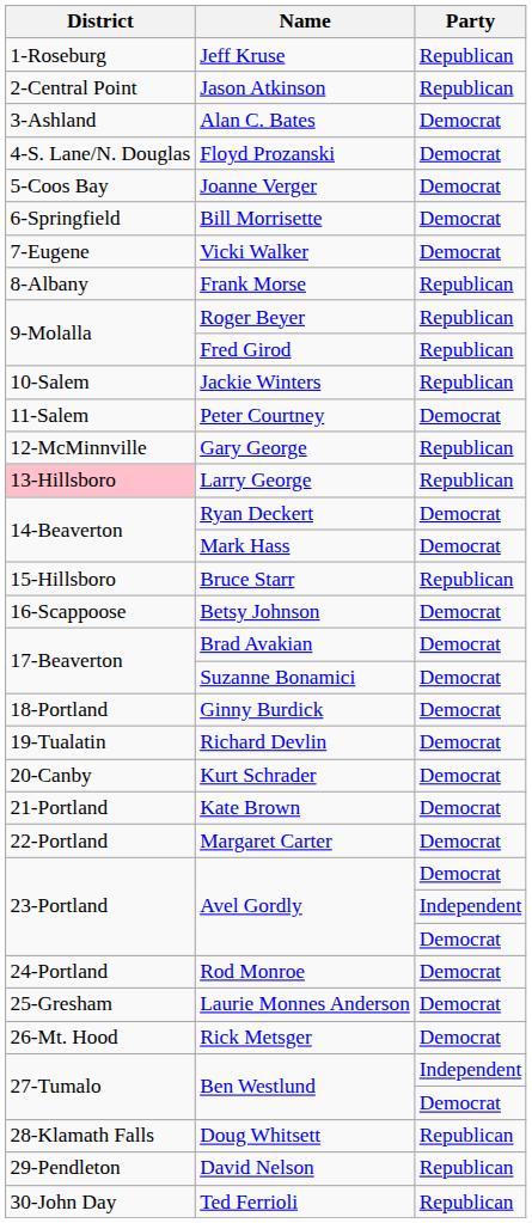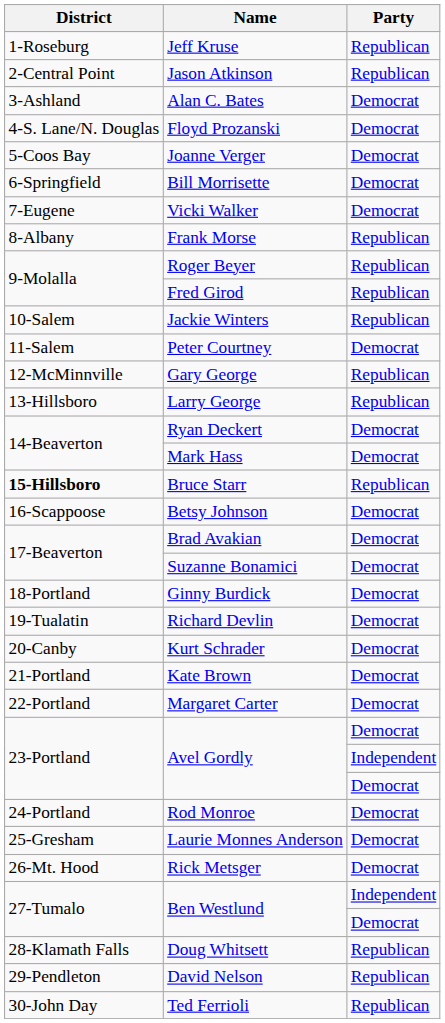 <table class="wikitable">
 <tr>
 <th>District</th>
 <th>Name</th>
 <th>Party</th>
 </tr>
 <tr>
 <td>1-Roseburg</td>
 <td><a href='#'>Jeff Kruse</a></td>
 <td><a href='#'>Republican</a></td>
 </tr>
 <tr>
 <td>2-Central Point</td>
 <td><a href='#'>Jason Atkinson</a></td>
 <td><a href='#'>Republican</a></td>
 </tr>
 <tr>
 <td>3-Ashland</td>
 <td><a href='#'>Alan C. Bates</a></td>
 <td><a href='#'>Democrat</a></td>
 </tr>
 <tr>
 <td>4-S. Lane/N. Douglas</td>
 <td><a href='#'>Floyd Prozanski</a></td>
 <td><a href='#'>Democrat</a></td>
 </tr>
 <tr>
 <td>5-Coos Bay</td>
 <td><a href='#'>Joanne Verger</a></td>
 <td><a href='#'>Democrat</a></td>
 </tr>
 <tr>
 <td>6-Springfield</td>
 <td><a href='#'>Bill Morrisette</a></td>
 <td><a href='#'>Democrat</a></td>
 </tr>
 <tr>
 <td>7-Eugene</td>
 <td><a href='#'>Vicki Walker</a></td>
 <td><a href='#'>Democrat</a></td>
 </tr>
 <tr>
 <td>8-Albany</td>
 <td><a href='#'>Frank Morse</a></td>
 <td><a href='#'>Republican</a></td>
 </tr>
 <tr>
 <td rowspan=2>9-Molalla</td>
 <td><a href='#'>Roger Beyer</a></td>
 <td><a href='#'>Republican</a></td>
 </tr>
 <tr>
 <td><a href='#'>Fred Girod</a></td>
 <td><a href='#'>Republican</a></td>
 </tr>
 <tr>
 <td>10-Salem</td>
 <td><a href='#'>Jackie Winters</a></td>
 <td><a href='#'>Republican</a></td>
 </tr>
 <tr>
 <td>11-Salem</td>
 <td><a href='#'>Peter Courtney</a></td>
 <td><a href='#'>Democrat</a></td>
 </tr>
 <tr>
 <td>12-McMinnville</td>
 <td><a href='#'>Gary George</a></td>
 <td><a href='#'>Republican</a></td>
 </tr>
 <tr>
-<td style="background: pink;">13-Hillsboro</td>
+<td>13-Hillsboro</td>
 <td><a href='#'>Larry George</a></td>
 <td><a href='#'>Republican</a></td>
 </tr>
 <tr>
 <td rowspan=2>14-Beaverton</td>
 <td><a href='#'>Ryan Deckert</a></td>
 <td><a href='#'>Democrat</a></td>
 </tr>
 <tr>
 <td><a href='#'>Mark Hass</a></td>
 <td><a href='#'>Democrat</a></td>
 </tr>
 <tr>
-<td>15-Hillsboro</td>
+<td><strong>15-Hillsboro</strong></td>
 <td><a href='#'>Bruce Starr</a></td>
 <td><a href='#'>Republican</a></td>
 </tr>
 <tr>
 <td>16-Scappoose</td>
 <td><a href='#'>Betsy Johnson</a></td>
 <td><a href='#'>Democrat</a></td>
 </tr>
 <tr>
 <td rowspan=2>17-Beaverton</td>
 <td><a href='#'>Brad Avakian</a></td>
 <td><a href='#'>Democrat</a></td>
 </tr>
 <tr>
 <td><a href='#'>Suzanne Bonamici</a></td>
 <td><a href='#'>Democrat</a></td>
 </tr>
 <tr>
 <td>18-Portland</td>
 <td><a href='#'>Ginny Burdick</a></td>
 <td><a href='#'>Democrat</a></td>
 </tr>
 <tr>
 <td>19-Tualatin</td>
 <td><a href='#'>Richard Devlin</a></td>
 <td><a href='#'>Democrat</a></td>
 </tr>
 <tr>
 <td>20-Canby</td>
 <td><a href='#'>Kurt Schrader</a></td>
 <td><a href='#'>Democrat</a></td>
 </tr>
 <tr>
 <td>21-Portland</td>
 <td><a href='#'>Kate Brown</a></td>
 <td><a href='#'>Democrat</a></td>
 </tr>
 <tr>
 <td>22-Portland</td>
 <td><a href='#'>Margaret Carter</a></td>
 <td><a href='#'>Democrat</a></td>
 </tr>
 <tr>
 <td rowspan=3>23-Portland</td>
 <td rowspan=3><a href='#'>Avel Gordly</a></td>
 <td><a href='#'>Democrat</a></td>
 </tr>
 <tr>
 <td><a href='#'>Independent</a></td>
 </tr>
 <tr>
 <td><a href='#'>Democrat</a></td>
 </tr>
 <tr>
 <td>24-Portland</td>
 <td><a href='#'>Rod Monroe</a></td>
 <td><a href='#'>Democrat</a></td>
 </tr>
 <tr>
 <td>25-Gresham</td>
 <td><a href='#'>Laurie Monnes Anderson</a></td>
 <td><a href='#'>Democrat</a></td>
 </tr>
 <tr>
 <td>26-Mt. Hood</td>
 <td><a href='#'>Rick Metsger</a></td>
 <td><a href='#'>Democrat</a></td>
 </tr>
 <tr>
 <td rowspan=2>27-Tumalo</td>
 <td rowspan=2><a href='#'>Ben Westlund</a></td>
 <td><a href='#'>Independent</a></td>
 </tr>
 <tr>
 <td><a href='#'>Democrat</a></td>
 </tr>
 <tr>
 <td>28-Klamath Falls</td>
 <td><a href='#'>Doug Whitsett</a></td>
 <td><a href='#'>Republican</a></td>
 </tr>
 <tr>
 <td>29-Pendleton</td>
 <td><a href='#'>David Nelson</a></td>
 <td><a href='#'>Republican</a></td>
 </tr>
 <tr>
 <td>30-John Day</td>
 <td><a href='#'>Ted Ferrioli</a></td>
 <td><a href='#'>Republican</a></td>
 </tr>
 </table>
